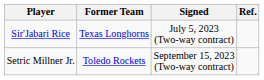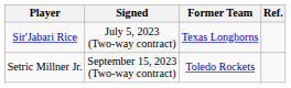 <table class="wikitable sortable sortable" style="text-align: center">
 <tr>
 <th>Player</th>
+<th>Signed</th>
 <th>Former Team</th>
-<th>Signed</th>
 <th>Ref.</th>
 </tr>
 <tr>
 <td><a href='#'>Sir'Jabari Rice</a></td>
+<td>July 5, 2023<br>(Two-way contract)</td>
 <td><a href='#'>Texas Longhorns</a></td>
-<td>July 5, 2023<br>(Two-way contract)</td>
 <td></td>
 </tr>
 <tr>
 <td>Setric Millner Jr.</td>
+<td>September 15, 2023<br>(Two-way contract)</td>
 <td><a href='#'>Toledo Rockets</a></td>
-<td>September 15, 2023<br>(Two-way contract)</td>
 <td></td>
 </tr>
 </table>
